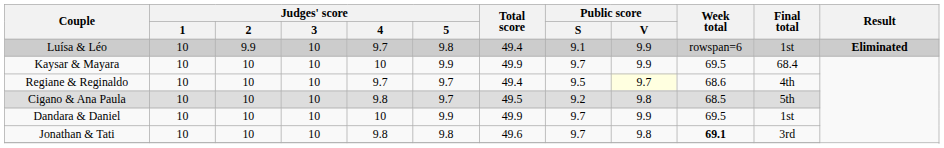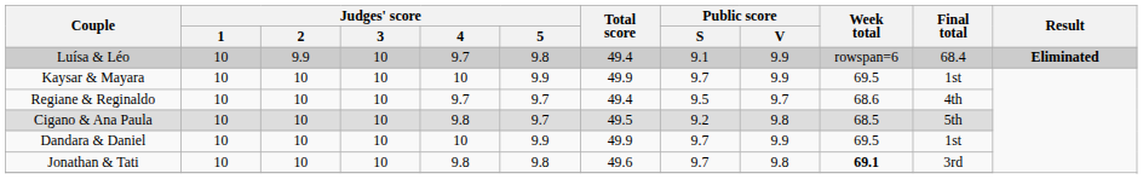 <table class="wikitable" style="font-size:100%; line-height:16px; text-align:center" width="100%">
 <tr>
 <th rowspan=2 width="11.0%">Couple</th>
 <th colspan=5 width="25.0%">Judges' score</th>
 <th rowspan=2 width="05.0%">Total<br>score</th>
 <th colspan=2 width="10.0%">Public score</th>
 <th rowspan=2 width="05.0%">Week<br>total</th>
 <th rowspan=2 width="05.0%">Final<br>total</th>
 <th rowspan=2 width="09.0%">Result</th>
 </tr>
 <tr>
 <th width="05.0%">1</th>
 <th width="05.0%">2</th>
 <th width="05.0%">3</th>
 <th width="05.0%">4</th>
 <th width="05.0%">5</th>
 <th width="05.0%">S</th>
 <th width="05.0%">V</th>
 </tr>
 <tr bgcolor=CCCCCC>
 <td>Luísa & Léo</td>
 <td>10</td>
 <td>9.9</td>
 <td>10</td>
 <td>9.7</td>
 <td>9.8</td>
 <td>49.4</td>
 <td>9.1</td>
 <td>9.9</td>
 <td>rowspan=6 </td>
-<td>1st</td>
+<td>68.4</td>
 <td><strong>Eliminated</strong></td>
 </tr>
 <tr>
 <td>Kaysar & Mayara</td>
 <td>10</td>
 <td>10</td>
 <td>10</td>
 <td>10</td>
 <td>9.9</td>
 <td>49.9</td>
 <td>9.7</td>
 <td>9.9</td>
 <td>69.5</td>
-<td>68.4</td>
+<td>1st</td>
 </tr>
 <tr>
 <td>Regiane & Reginaldo</td>
 <td>10</td>
 <td>10</td>
 <td>10</td>
 <td>9.7</td>
 <td>9.7</td>
 <td>49.4</td>
 <td>9.5</td>
-<td style="background: lightyellow;">9.7</td>
+<td>9.7</td>
 <td>68.6</td>
 <td>4th</td>
 </tr>
 <tr bgcolor=DDDDDD>
 <td>Cigano & Ana Paula</td>
 <td>10</td>
 <td>10</td>
 <td>10</td>
 <td>9.8</td>
 <td>9.7</td>
 <td>49.5</td>
 <td>9.2</td>
 <td>9.8</td>
 <td>68.5</td>
 <td>5th</td>
 </tr>
 <tr>
 <td>Dandara & Daniel</td>
 <td>10</td>
 <td>10</td>
 <td>10</td>
 <td>10</td>
 <td>9.9</td>
 <td>49.9</td>
 <td>9.7</td>
 <td>9.9</td>
 <td>69.5</td>
 <td>1st</td>
 </tr>
 <tr>
 <td>Jonathan & Tati</td>
 <td>10</td>
 <td>10</td>
 <td>10</td>
 <td>9.8</td>
 <td>9.8</td>
 <td>49.6</td>
 <td>9.7</td>
 <td>9.8</td>
 <td><strong>69.1</strong></td>
 <td>3rd</td>
 </tr>
 <tr>
 </tr>
 </table>
